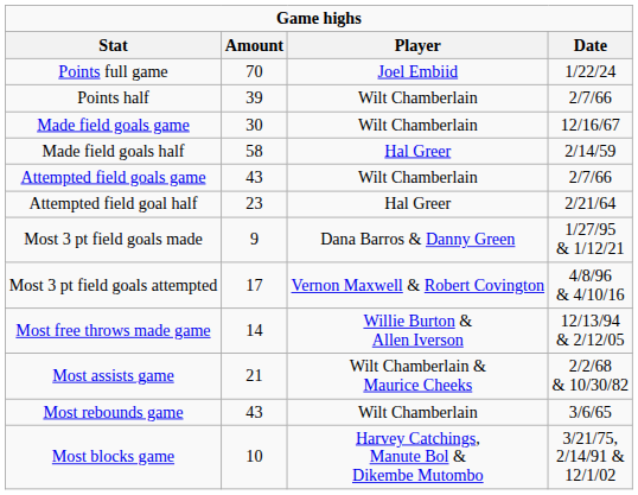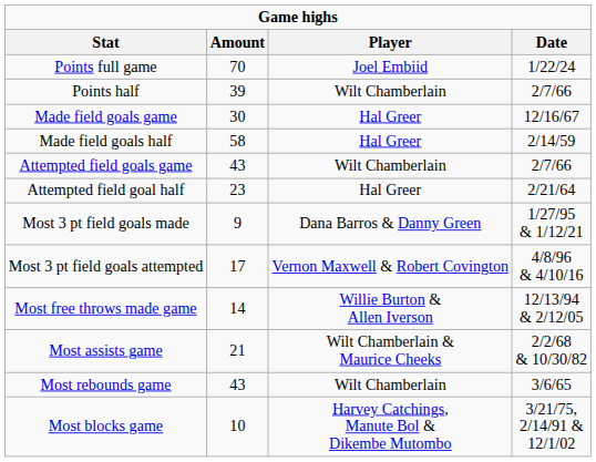 <table class = "wikitable sortable" style="text-align:center">
 <tr>
 <td colspan="4" style="text-align:center; "><strong>Game highs</strong></td>
 </tr>
 <tr>
 <th style="text-align:center; ">Stat</th>
 <th style="text-align:center; ">Amount</th>
 <th style="text-align:center; ">Player</th>
 <th style="text-align:center; ">Date</th>
 </tr>
 <tr>
 <td><a href='#'>Points</a> full game</td>
 <td>70</td>
 <td><a href='#'>Joel Embiid</a></td>
 <td>1/22/24</td>
 </tr>
 <tr>
 <td>Points half</td>
 <td>39</td>
 <td>Wilt Chamberlain</td>
 <td>2/7/66</td>
 </tr>
 <tr>
 <td><a href='#'>Made field goals game</a></td>
 <td>30</td>
-<td>Wilt Chamberlain</td>
+<td><a href='#'>Hal Greer</a></td>
 <td>12/16/67</td>
 </tr>
 <tr>
 <td>Made field goals half</td>
 <td>58</td>
 <td><a href='#'>Hal Greer</a></td>
 <td>2/14/59</td>
 </tr>
 <tr>
 <td><a href='#'>Attempted field goals game</a></td>
 <td>43</td>
 <td>Wilt Chamberlain</td>
 <td>2/7/66</td>
 </tr>
 <tr>
 <td>Attempted field goal half</td>
 <td>23</td>
 <td>Hal Greer</td>
 <td>2/21/64</td>
 </tr>
 <tr>
 <td>Most 3 pt field goals made</td>
 <td>9</td>
 <td>Dana Barros & <a href='#'>Danny Green</a></td>
 <td>1/27/95  <br> & 1/12/21</td>
 </tr>
 <tr>
 <td>Most 3 pt field goals attempted</td>
 <td>17</td>
 <td><a href='#'>Vernon Maxwell</a> & <a href='#'>Robert Covington</a></td>
 <td>4/8/96  <br> & 4/10/16</td>
 </tr>
 <tr>
 <td><a href='#'>Most free throws made game</a></td>
 <td>14</td>
 <td><a href='#'>Willie Burton</a> & <br> <a href='#'>Allen Iverson</a></td>
 <td>12/13/94  <br> & 2/12/05</td>
 </tr>
 <tr>
 <td><a href='#'>Most assists game</a></td>
 <td>21</td>
 <td>Wilt Chamberlain & <br> <a href='#'>Maurice Cheeks</a></td>
 <td>2/2/68 <br> & 10/30/82</td>
 </tr>
 <tr>
 <td><a href='#'>Most rebounds game</a></td>
 <td>43</td>
 <td>Wilt Chamberlain</td>
 <td>3/6/65</td>
 </tr>
 <tr>
 <td><a href='#'>Most blocks game</a></td>
 <td>10</td>
 <td><a href='#'>Harvey Catchings</a>, <br> <a href='#'>Manute Bol</a> & <br> <a href='#'>Dikembe Mutombo</a></td>
 <td>3/21/75, <br> 2/14/91 & <br> 12/1/02</td>
 </tr>
 </table>
